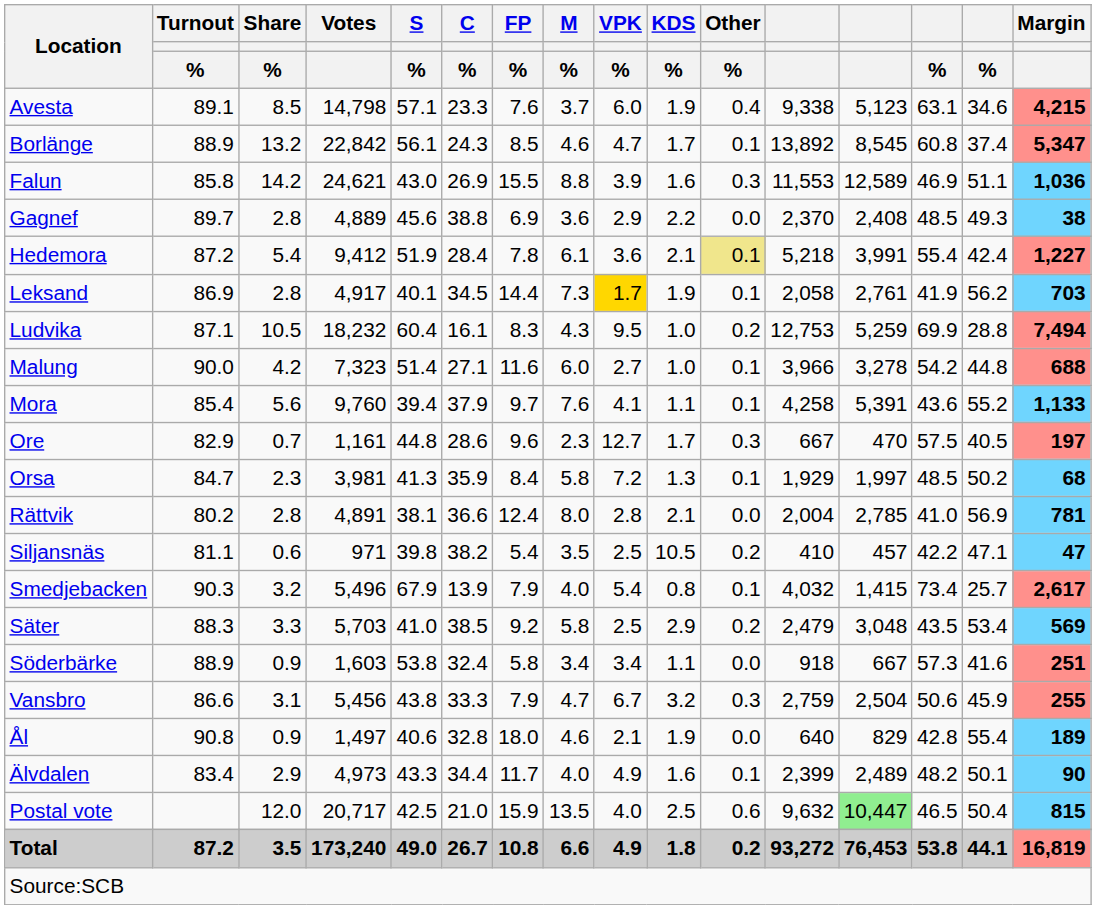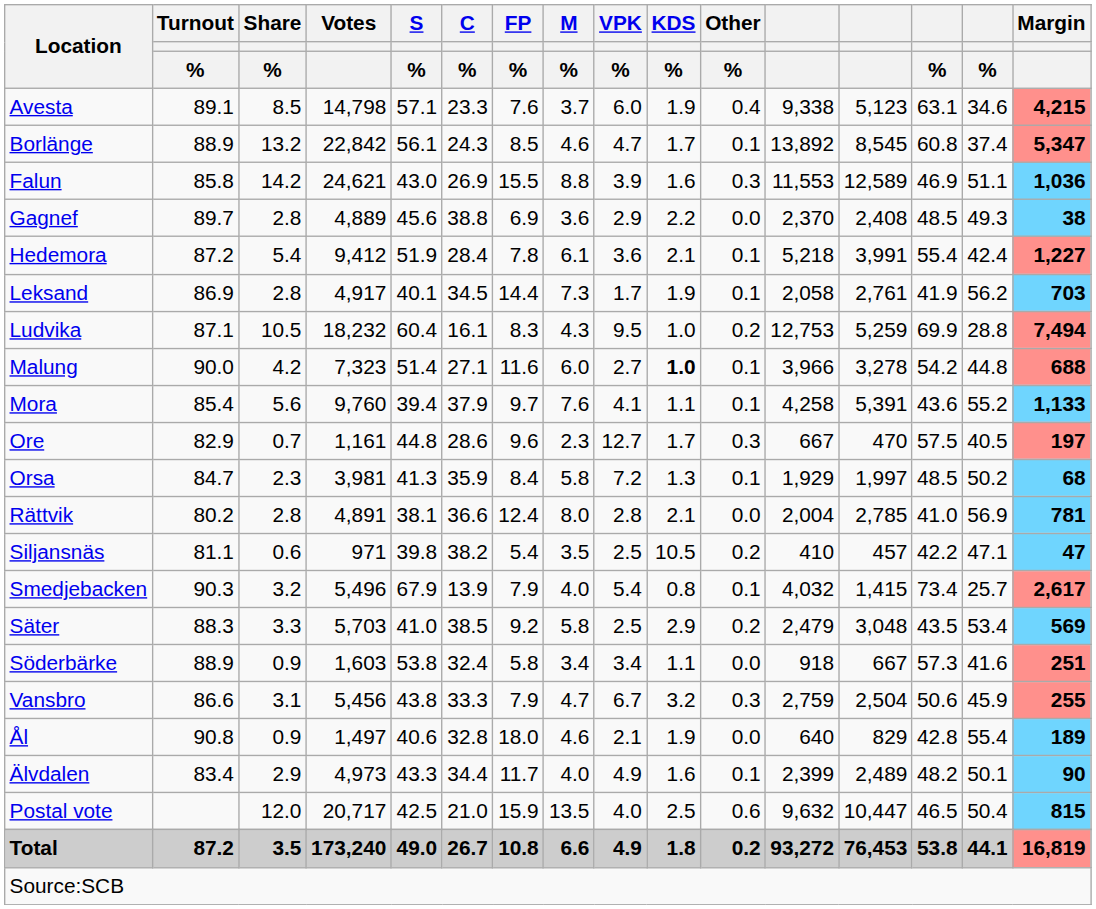 <table class="wikitable sortable" style="text-align:right; font-size:95%; line-height:20px;">
 <tr>
 <th rowspan="3">Location</th>
 <th>Turnout</th>
 <th>Share</th>
 <th>Votes</th>
 <th width="30px" class="unsortable"><a href='#'>S</a></th>
 <th width="30px" class="unsortable"><a href='#'>C</a></th>
 <th width="30px" class="unsortable"><a href='#'>FP</a></th>
 <th width="30px" class="unsortable"><a href='#'>M</a></th>
 <th width="30px" class="unsortable"><a href='#'>VPK</a></th>
 <th width="30px" class="unsortable"><a href='#'>KDS</a></th>
 <th width="30px" class="unsortable">Other</th>
 <th></th>
 <th></th>
 <th></th>
 <th></th>
 <th>Margin</th>
 </tr>
 <tr>
 <th></th>
 <th></th>
 <th></th>
 <th style="background:"></th>
 <th style="background:"></th>
 <th style="background:"></th>
 <th style="background:"></th>
 <th style="background:"></th>
 <th style="background:"></th>
 <th style="background:"></th>
 <th style="background:"></th>
 <th style="background:"></th>
 <th style="background:"></th>
 <th style="background:"></th>
 <th></th>
 </tr>
 <tr>
 <th data-sort-type="number">%</th>
 <th data-sort-type="number">%</th>
 <th></th>
 <th data-sort-type="number">%</th>
 <th data-sort-type="number">%</th>
 <th data-sort-type="number">%</th>
 <th data-sort-type="number">%</th>
 <th data-sort-type="number">%</th>
 <th data-sort-type="number">%</th>
 <th data-sort-type="number">%</th>
 <th data-sort-type="number"></th>
 <th data-sort-type="number"></th>
 <th data-sort-type="number">%</th>
 <th data-sort-type="number">%</th>
 <th data-sort-type="number"></th>
 </tr>
 <tr>
 <td align=left><a href='#'>Avesta</a></td>
 <td>89.1</td>
 <td>8.5</td>
 <td>14,798</td>
 <td>57.1</td>
 <td>23.3</td>
 <td>7.6</td>
 <td>3.7</td>
 <td>6.0</td>
 <td>1.9</td>
 <td>0.4</td>
 <td>9,338</td>
 <td>5,123</td>
 <td>63.1</td>
 <td>34.6</td>
 <td bgcolor=#ff908c><strong>4,215</strong></td>
 </tr>
 <tr>
 <td align=left><a href='#'>Borlänge</a></td>
 <td>88.9</td>
 <td>13.2</td>
 <td>22,842</td>
 <td>56.1</td>
 <td>24.3</td>
 <td>8.5</td>
 <td>4.6</td>
 <td>4.7</td>
 <td>1.7</td>
 <td>0.1</td>
 <td>13,892</td>
 <td>8,545</td>
 <td>60.8</td>
 <td>37.4</td>
 <td bgcolor=#ff908c><strong>5,347</strong></td>
 </tr>
 <tr>
 <td align=left><a href='#'>Falun</a></td>
 <td>85.8</td>
 <td>14.2</td>
 <td>24,621</td>
 <td>43.0</td>
 <td>26.9</td>
 <td>15.5</td>
 <td>8.8</td>
 <td>3.9</td>
 <td>1.6</td>
 <td>0.3</td>
 <td>11,553</td>
 <td>12,589</td>
 <td>46.9</td>
 <td>51.1</td>
 <td bgcolor=#6fd5fe><strong>1,036</strong></td>
 </tr>
 <tr>
 <td align=left><a href='#'>Gagnef</a></td>
 <td>89.7</td>
 <td>2.8</td>
 <td>4,889</td>
 <td>45.6</td>
 <td>38.8</td>
 <td>6.9</td>
 <td>3.6</td>
 <td>2.9</td>
 <td>2.2</td>
 <td>0.0</td>
 <td>2,370</td>
 <td>2,408</td>
 <td>48.5</td>
 <td>49.3</td>
 <td bgcolor=#6fd5fe><strong>38</strong></td>
 </tr>
 <tr>
 <td align=left><a href='#'>Hedemora</a></td>
 <td>87.2</td>
 <td>5.4</td>
 <td>9,412</td>
 <td>51.9</td>
 <td>28.4</td>
 <td>7.8</td>
 <td>6.1</td>
 <td>3.6</td>
 <td>2.1</td>
-<td style="background: khaki;">0.1</td>
+<td>0.1</td>
 <td>5,218</td>
 <td>3,991</td>
 <td>55.4</td>
 <td>42.4</td>
 <td bgcolor=#ff908c><strong>1,227</strong></td>
 </tr>
 <tr>
 <td align=left><a href='#'>Leksand</a></td>
 <td>86.9</td>
 <td>2.8</td>
 <td>4,917</td>
 <td>40.1</td>
 <td>34.5</td>
 <td>14.4</td>
 <td>7.3</td>
-<td style="background: gold;">1.7</td>
+<td>1.7</td>
 <td>1.9</td>
 <td>0.1</td>
 <td>2,058</td>
 <td>2,761</td>
 <td>41.9</td>
 <td>56.2</td>
 <td bgcolor=#6fd5fe><strong>703</strong></td>
 </tr>
 <tr>
 <td align=left><a href='#'>Ludvika</a></td>
 <td>87.1</td>
 <td>10.5</td>
 <td>18,232</td>
 <td>60.4</td>
 <td>16.1</td>
 <td>8.3</td>
 <td>4.3</td>
 <td>9.5</td>
 <td>1.0</td>
 <td>0.2</td>
 <td>12,753</td>
 <td>5,259</td>
 <td>69.9</td>
 <td>28.8</td>
 <td bgcolor=#ff908c><strong>7,494</strong></td>
 </tr>
 <tr>
 <td align=left><a href='#'>Malung</a></td>
 <td>90.0</td>
 <td>4.2</td>
 <td>7,323</td>
 <td>51.4</td>
 <td>27.1</td>
 <td>11.6</td>
 <td>6.0</td>
 <td>2.7</td>
-<td>1.0</td>
+<td><strong>1.0</strong></td>
 <td>0.1</td>
 <td>3,966</td>
 <td>3,278</td>
 <td>54.2</td>
 <td>44.8</td>
 <td bgcolor=#ff908c><strong>688</strong></td>
 </tr>
 <tr>
 <td align=left><a href='#'>Mora</a></td>
 <td>85.4</td>
 <td>5.6</td>
 <td>9,760</td>
 <td>39.4</td>
 <td>37.9</td>
 <td>9.7</td>
 <td>7.6</td>
 <td>4.1</td>
 <td>1.1</td>
 <td>0.1</td>
 <td>4,258</td>
 <td>5,391</td>
 <td>43.6</td>
 <td>55.2</td>
 <td bgcolor=#6fd5fe><strong>1,133</strong></td>
 </tr>
 <tr>
 <td align=left><a href='#'>Ore</a></td>
 <td>82.9</td>
 <td>0.7</td>
 <td>1,161</td>
 <td>44.8</td>
 <td>28.6</td>
 <td>9.6</td>
 <td>2.3</td>
 <td>12.7</td>
 <td>1.7</td>
 <td>0.3</td>
 <td>667</td>
 <td>470</td>
 <td>57.5</td>
 <td>40.5</td>
 <td bgcolor=#ff908c><strong>197</strong></td>
 </tr>
 <tr>
 <td align=left><a href='#'>Orsa</a></td>
 <td>84.7</td>
 <td>2.3</td>
 <td>3,981</td>
 <td>41.3</td>
 <td>35.9</td>
 <td>8.4</td>
 <td>5.8</td>
 <td>7.2</td>
 <td>1.3</td>
 <td>0.1</td>
 <td>1,929</td>
 <td>1,997</td>
 <td>48.5</td>
 <td>50.2</td>
 <td bgcolor=#6fd5fe><strong>68</strong></td>
 </tr>
 <tr>
 <td align=left><a href='#'>Rättvik</a></td>
 <td>80.2</td>
 <td>2.8</td>
 <td>4,891</td>
 <td>38.1</td>
 <td>36.6</td>
 <td>12.4</td>
 <td>8.0</td>
 <td>2.8</td>
 <td>2.1</td>
 <td>0.0</td>
 <td>2,004</td>
 <td>2,785</td>
 <td>41.0</td>
 <td>56.9</td>
 <td bgcolor=#6fd5fe><strong>781</strong></td>
 </tr>
 <tr>
 <td align=left><a href='#'>Siljansnäs</a></td>
 <td>81.1</td>
 <td>0.6</td>
 <td>971</td>
 <td>39.8</td>
 <td>38.2</td>
 <td>5.4</td>
 <td>3.5</td>
 <td>2.5</td>
 <td>10.5</td>
 <td>0.2</td>
 <td>410</td>
 <td>457</td>
 <td>42.2</td>
 <td>47.1</td>
 <td bgcolor=#6fd5fe><strong>47</strong></td>
 </tr>
 <tr>
 <td align=left><a href='#'>Smedjebacken</a></td>
 <td>90.3</td>
 <td>3.2</td>
 <td>5,496</td>
 <td>67.9</td>
 <td>13.9</td>
 <td>7.9</td>
 <td>4.0</td>
 <td>5.4</td>
 <td>0.8</td>
 <td>0.1</td>
 <td>4,032</td>
 <td>1,415</td>
 <td>73.4</td>
 <td>25.7</td>
 <td bgcolor=#ff908c><strong>2,617</strong></td>
 </tr>
 <tr>
 <td align=left><a href='#'>Säter</a></td>
 <td>88.3</td>
 <td>3.3</td>
 <td>5,703</td>
 <td>41.0</td>
 <td>38.5</td>
 <td>9.2</td>
 <td>5.8</td>
 <td>2.5</td>
 <td>2.9</td>
 <td>0.2</td>
 <td>2,479</td>
 <td>3,048</td>
 <td>43.5</td>
 <td>53.4</td>
 <td bgcolor=#6fd5fe><strong>569</strong></td>
 </tr>
 <tr>
 <td align=left><a href='#'>Söderbärke</a></td>
 <td>88.9</td>
 <td>0.9</td>
 <td>1,603</td>
 <td>53.8</td>
 <td>32.4</td>
 <td>5.8</td>
 <td>3.4</td>
 <td>3.4</td>
 <td>1.1</td>
 <td>0.0</td>
 <td>918</td>
 <td>667</td>
 <td>57.3</td>
 <td>41.6</td>
 <td bgcolor=#ff908c><strong>251</strong></td>
 </tr>
 <tr>
 <td align=left><a href='#'>Vansbro</a></td>
 <td>86.6</td>
 <td>3.1</td>
 <td>5,456</td>
 <td>43.8</td>
 <td>33.3</td>
 <td>7.9</td>
 <td>4.7</td>
 <td>6.7</td>
 <td>3.2</td>
 <td>0.3</td>
 <td>2,759</td>
 <td>2,504</td>
 <td>50.6</td>
 <td>45.9</td>
 <td bgcolor=#ff908c><strong>255</strong></td>
 </tr>
 <tr>
 <td align=left><a href='#'>Ål</a></td>
 <td>90.8</td>
 <td>0.9</td>
 <td>1,497</td>
 <td>40.6</td>
 <td>32.8</td>
 <td>18.0</td>
 <td>4.6</td>
 <td>2.1</td>
 <td>1.9</td>
 <td>0.0</td>
 <td>640</td>
 <td>829</td>
 <td>42.8</td>
 <td>55.4</td>
 <td bgcolor=#6fd5fe><strong>189</strong></td>
 </tr>
 <tr>
 <td align=left><a href='#'>Älvdalen</a></td>
 <td>83.4</td>
 <td>2.9</td>
 <td>4,973</td>
 <td>43.3</td>
 <td>34.4</td>
 <td>11.7</td>
 <td>4.0</td>
 <td>4.9</td>
 <td>1.6</td>
 <td>0.1</td>
 <td>2,399</td>
 <td>2,489</td>
 <td>48.2</td>
 <td>50.1</td>
 <td bgcolor=#6fd5fe><strong>90</strong></td>
 </tr>
 <tr>
 <td align=left><a href='#'>Postal vote</a></td>
 <td></td>
 <td>12.0</td>
 <td>20,717</td>
 <td>42.5</td>
 <td>21.0</td>
 <td>15.9</td>
 <td>13.5</td>
 <td>4.0</td>
 <td>2.5</td>
 <td>0.6</td>
 <td>9,632</td>
-<td style="background: lightgreen;">10,447</td>
+<td>10,447</td>
 <td>46.5</td>
 <td>50.4</td>
 <td bgcolor=#6fd5fe><strong>815</strong></td>
 </tr>
 <tr>
 </tr>
 <tr style="background:#CDCDCD;">
 <td align=left><strong>Total</strong></td>
 <td><strong>87.2</strong></td>
 <td><strong>3.5</strong></td>
 <td><strong>173,240</strong></td>
 <td><strong>49.0</strong></td>
 <td><strong>26.7</strong></td>
 <td><strong>10.8</strong></td>
 <td><strong>6.6</strong></td>
 <td><strong>4.9</strong></td>
 <td><strong>1.8</strong></td>
 <td><strong>0.2</strong></td>
 <td><strong>93,272</strong></td>
 <td><strong>76,453</strong></td>
 <td><strong>53.8</strong></td>
 <td><strong>44.1</strong></td>
 <td bgcolor=#ff908c><strong>16,819</strong></td>
 </tr>
 <tr>
 <td align=left colspan=16>Source:SCB </td>
 </tr>
 </table>
